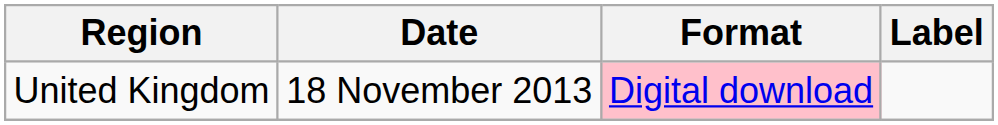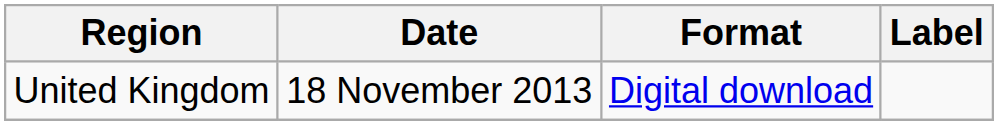 <table class=wikitable>
 <tr>
 <th scope="col">Region</th>
 <th scope="col">Date</th>
 <th scope="col">Format</th>
 <th scope="col">Label</th>
 </tr>
 <tr>
 <td>United Kingdom</td>
 <td>18 November 2013</td>
-<td style="background: pink;"><a href='#'>Digital download</a></td>
+<td><a href='#'>Digital download</a></td>
 <td></td>
 </tr>
 <tr>
 </tr>
 </table>
